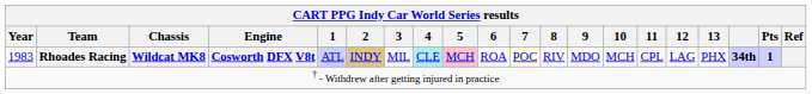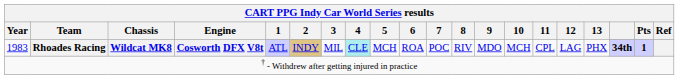 <table class="wikitable" style="text-align:center; font-size:90%">
 <tr>
 <th colspan=34><a href='#'>CART PPG Indy Car World Series</a> results</th>
 </tr>
 <tr>
 <th>Year</th>
 <th>Team</th>
 <th>Chassis</th>
 <th>Engine</th>
 <th>1</th>
 <th>2</th>
 <th>3</th>
 <th>4</th>
 <th>5</th>
 <th>6</th>
 <th>7</th>
 <th>8</th>
 <th>9</th>
 <th>10</th>
 <th>11</th>
 <th>12</th>
 <th>13</th>
 <th></th>
 <th>Pts</th>
 <th>Ref</th>
 </tr>
 <tr>
 <td><a href='#'>1983</a></td>
 <th>Rhoades Racing</th>
 <th><a href='#'>Wildcat MK8</a></th>
 <th><a href='#'>Cosworth</a> <a href='#'>DFX</a> <a href='#'>V8</a><a href='#'>t</a></th>
 <td style="background:#CFCFFF;"><a href='#'>ATL</a><br></td>
 <td style="background:#DFC484;"><a href='#'>INDY</a><br></td>
 <td><a href='#'>MIL</a></td>
 <td style="background: paleturquoise;"><a href='#'>CLE</a></td>
-<td style="background: pink;"><a href='#'>MCH</a></td>
+<td><a href='#'>MCH</a></td>
 <td><a href='#'>ROA</a></td>
-<td style="background: lightyellow;"><a href='#'>POC</a></td>
+<td><a href='#'>POC</a></td>
 <td><a href='#'>RIV</a></td>
 <td><a href='#'>MDO</a></td>
 <td><a href='#'>MCH</a></td>
 <td><a href='#'>CPL</a></td>
 <td><a href='#'>LAG</a></td>
 <td><a href='#'>PHX</a></td>
 <th style="background:#CFCFFF;">34th</th>
 <th style="background:#CFCFFF;">1</th>
 <th></th>
 </tr>
 <tr>
 <td colspan=20><small><sup>†</sup> - Withdrew after getting injured in practice</small></td>
 </tr>
 </table>
